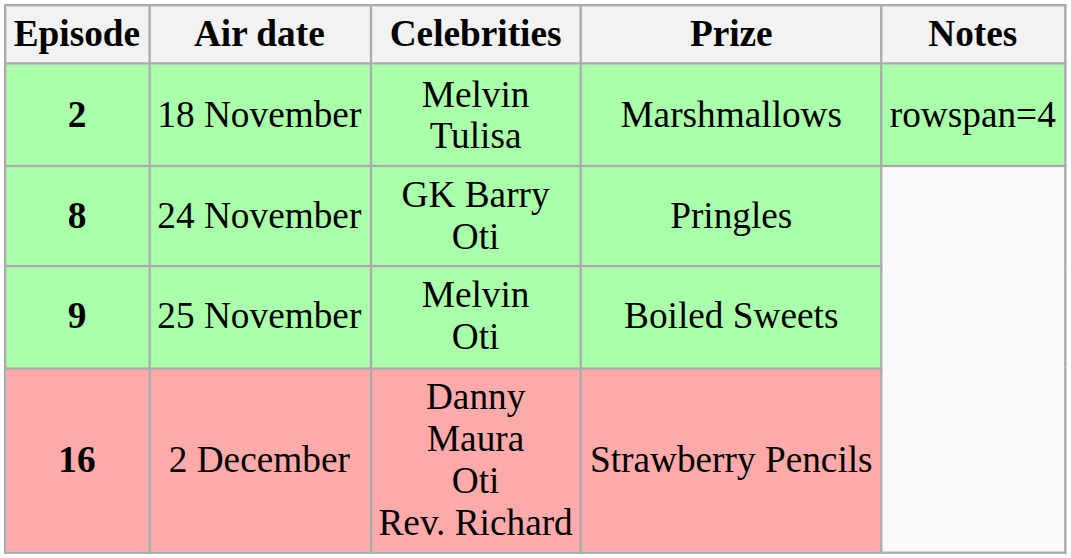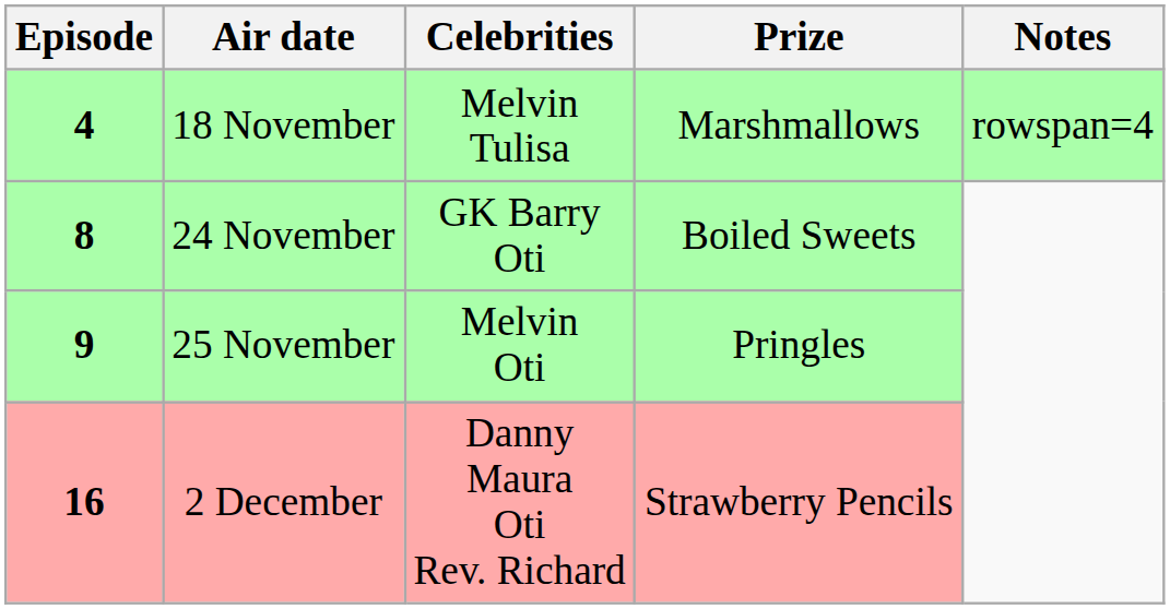 <table class=wikitable style="text-align:center">
 <tr>
 <th>Episode</th>
 <th>Air date</th>
 <th>Celebrities</th>
 <th>Prize</th>
 <th>Notes</th>
 </tr>
 <tr style="background:#aaffaa">
-<td><strong>2</strong></td>
+<td><strong>4</strong></td>
 <td>18 November</td>
 <td>Melvin<br>Tulisa</td>
 <td>Marshmallows</td>
 <td>rowspan=4 </td>
 </tr>
 <tr style="background:#aaffaa">
 <td><strong>8</strong></td>
 <td>24 November</td>
 <td>GK Barry<br>Oti</td>
-<td>Pringles</td>
+<td>Boiled Sweets</td>
 </tr>
 <tr style="background:#aaffaa">
 <td><strong>9</strong></td>
 <td>25 November</td>
 <td>Melvin<br>Oti</td>
-<td>Boiled Sweets</td>
+<td>Pringles</td>
 </tr>
 <tr style="background:#ffaaaa">
 <td><strong>16</strong></td>
 <td>2 December</td>
 <td>Danny<br>Maura<br>Oti<br>Rev. Richard</td>
 <td>Strawberry Pencils</td>
 </tr>
 </table>
